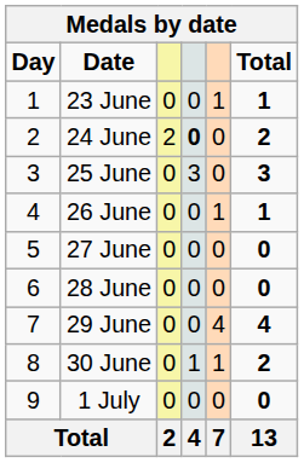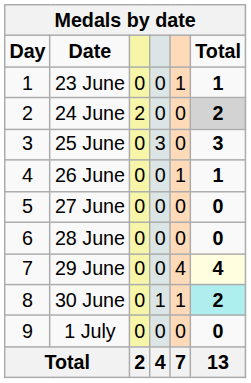 <table class="wikitable" style="font-size:85%; text-align:center;">
 <tr style="background:#efefef;">
 <th colspan=6><strong>Medals by date</strong></th>
 </tr>
 <tr>
 <td><strong>Day</strong></td>
 <td><strong>Date</strong></td>
 <td style="background:#F7F6A8;"></td>
 <td style="background:#DCE5E5;"></td>
 <td style="background:#FFDAB9;"></td>
 <td><strong>Total</strong></td>
 </tr>
 <tr>
 <td>1</td>
 <td>23 June</td>
 <td style="background:#F7F6A8;">0</td>
 <td style="background:#DCE5E5;">0</td>
 <td style="background:#FFDAB9;">1</td>
 <td><strong>1</strong></td>
 </tr>
 <tr>
 <td>2</td>
 <td>24 June</td>
 <td style="background:#F7F6A8;">2</td>
-<td style="background:#DCE5E5;"><strong>0</strong></td>
+<td style="background:#DCE5E5;">0</td>
 <td style="background:#FFDAB9;">0</td>
-<td><strong>2</strong></td>
+<td style="background: lightgrey;"><strong>2</strong></td>
 </tr>
 <tr>
 <td>3</td>
 <td>25 June</td>
 <td style="background:#F7F6A8;">0</td>
 <td style="background:#DCE5E5;">3</td>
 <td style="background:#FFDAB9;">0</td>
 <td><strong>3</strong></td>
 </tr>
 <tr>
 <td>4</td>
 <td>26 June</td>
 <td style="background:#F7F6A8;">0</td>
 <td style="background:#DCE5E5;">0</td>
 <td style="background:#FFDAB9;">1</td>
 <td><strong>1</strong></td>
 </tr>
 <tr>
 <td>5</td>
 <td>27 June</td>
 <td style="background:#F7F6A8;">0</td>
 <td style="background:#DCE5E5;">0</td>
 <td style="background:#FFDAB9;">0</td>
 <td><strong>0</strong></td>
 </tr>
 <tr>
 <td>6</td>
 <td>28 June</td>
 <td style="background:#F7F6A8;">0</td>
 <td style="background:#DCE5E5;">0</td>
 <td style="background:#FFDAB9;">0</td>
 <td><strong>0</strong></td>
 </tr>
 <tr>
 <td>7</td>
 <td>29 June</td>
 <td style="background:#F7F6A8;">0</td>
 <td style="background:#DCE5E5;">0</td>
 <td style="background:#FFDAB9;">4</td>
-<td><strong>4</strong></td>
+<td style="background: lightyellow;"><strong>4</strong></td>
 </tr>
 <tr>
 <td>8</td>
 <td>30 June</td>
 <td style="background:#F7F6A8;">0</td>
 <td style="background:#DCE5E5;">1</td>
 <td style="background:#FFDAB9;">1</td>
-<td><strong>2</strong></td>
+<td style="background: paleturquoise;"><strong>2</strong></td>
 </tr>
 <tr>
 <td>9</td>
 <td>1 July</td>
 <td style="background:#F7F6A8;">0</td>
 <td style="background:#DCE5E5;">0</td>
 <td style="background:#FFDAB9;">0</td>
 <td><strong>0</strong></td>
 </tr>
 <tr>
 <th colspan="2">Total</th>
 <th>2</th>
 <th>4</th>
 <th>7</th>
 <th>13</th>
 </tr>
 </table>
